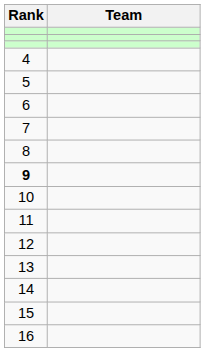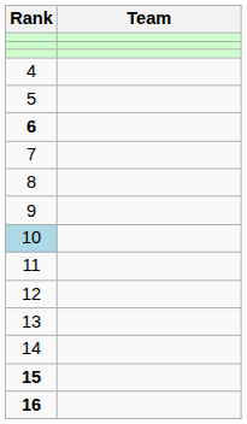 <table class="wikitable" style="text-align: center;">
 <tr>
 <th width=40>Rank</th>
 <th width=160>Team</th>
 </tr>
 <tr bgcolor=#ccffcc>
 <td></td>
 <td style="text-align:left;"></td>
 </tr>
 <tr bgcolor=#ccffcc>
 <td></td>
 <td style="text-align:left;"></td>
 </tr>
 <tr bgcolor=#ccffcc>
 <td></td>
 <td style="text-align:left;"></td>
 </tr>
 <tr>
 <td>4</td>
 <td style="text-align:left;"></td>
 </tr>
 <tr>
 <td>5</td>
 <td style="text-align:left;"></td>
 </tr>
 <tr>
-<td>6</td>
+<td><strong>6</strong></td>
 <td style="text-align:left;"></td>
 </tr>
 <tr>
 <td>7</td>
 <td style="text-align:left;"></td>
 </tr>
 <tr>
 <td>8</td>
 <td style="text-align:left;"></td>
 </tr>
 <tr>
-<td><strong>9</strong></td>
+<td>9</td>
 <td style="text-align:left;"></td>
 </tr>
 <tr>
-<td>10</td>
+<td style="background: lightblue;">10</td>
 <td style="text-align:left;"></td>
 </tr>
 <tr>
 <td>11</td>
 <td style="text-align:left;"></td>
 </tr>
 <tr>
 <td>12</td>
 <td style="text-align:left;"></td>
 </tr>
 <tr>
 <td>13</td>
 <td style="text-align:left;"></td>
 </tr>
 <tr>
 <td>14</td>
 <td style="text-align:left;"></td>
 </tr>
 <tr>
-<td>15</td>
+<td><strong>15</strong></td>
 <td style="text-align:left;"></td>
 </tr>
 <tr>
-<td>16</td>
+<td><strong>16</strong></td>
 <td style="text-align:left;"></td>
 </tr>
 </table>
